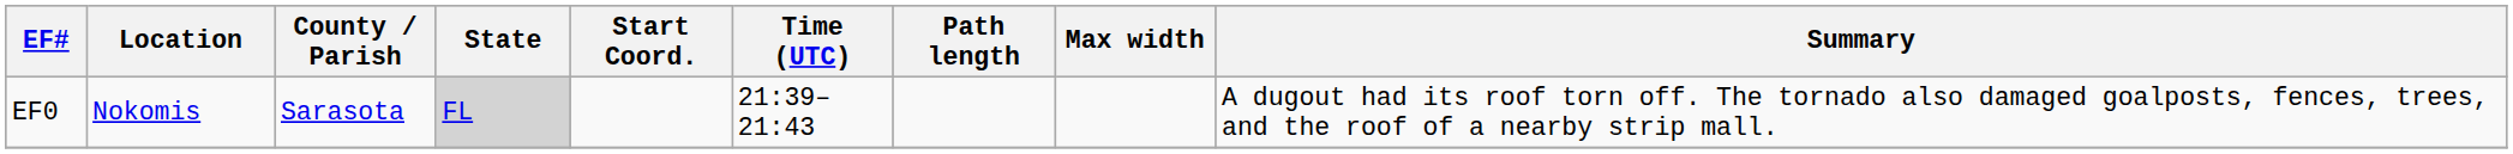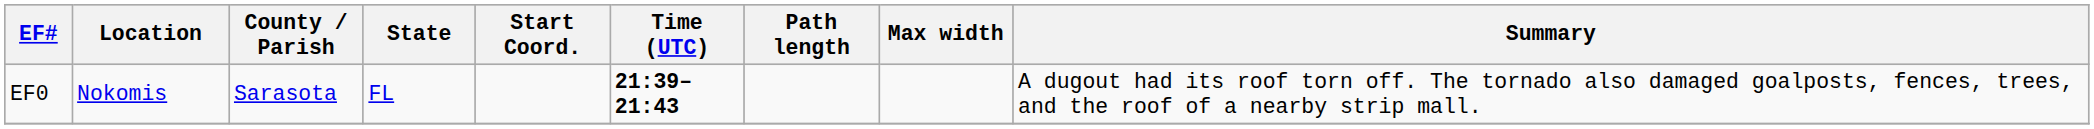 <table class="wikitable sortable" style="width:100%;">
 <tr>
 <th scope="col"  style="width:3%; text-align:center;"><a href='#'>EF#</a></th>
 <th scope="col"  style="width:7%; text-align:center;" class="unsortable">Location</th>
 <th scope="col"  style="width:6%; text-align:center;" class="unsortable">County / Parish</th>
 <th scope="col"  style="width:5%; text-align:center;">State</th>
 <th scope="col"  style="width:6%; text-align:center;">Start Coord.</th>
 <th scope="col"  style="width:6%; text-align:center;">Time (<a href='#'>UTC</a>)</th>
 <th scope="col"  style="width:6%; text-align:center;">Path length</th>
 <th scope="col"  style="width:6%; text-align:center;">Max width</th>
 <th scope="col" class="unsortable" style="width:48%; text-align:center;">Summary</th>
 </tr>
 <tr>
 <td>EF0</td>
 <td><a href='#'>Nokomis</a></td>
 <td><a href='#'>Sarasota</a></td>
-<td style="background: lightgrey;"><a href='#'>FL</a></td>
+<td><a href='#'>FL</a></td>
 <td></td>
-<td>21:39–21:43</td>
+<td><strong>21:39–21:43</strong></td>
 <td></td>
 <td></td>
 <td>A dugout had its roof torn off. The tornado also damaged goalposts, fences, trees, and the roof of a nearby strip mall.</td>
 </tr>
 <tr>
 </tr>
 </table>
